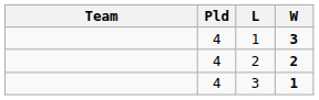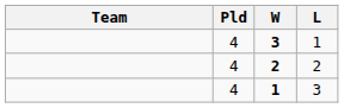 <table class="wikitable" style="text-align:center;">
 <tr>
 <th width=175>Team</th>
 <th style="width:30px;" abbr="Played">Pld</th>
+<th style="width:30px;" abbr="Won">W</th>
 <th style="width:30px;" abbr="Lost">L</th>
-<th style="width:30px;" abbr="Won">W</th>
 </tr>
 <tr style="background:#f9f9f9;">
 <td style="text-align:left;"></td>
 <td>4</td>
+<td><strong>3</strong></td>
 <td>1</td>
-<td><strong>3</strong></td>
 </tr>
 <tr style="background:#f9f9f9;">
 <td style="text-align:left;"></td>
 <td>4</td>
+<td><strong>2</strong></td>
 <td>2</td>
-<td><strong>2</strong></td>
 </tr>
 <tr style="background:#f9f9f9;">
 <td style="text-align:left;"></td>
 <td>4</td>
+<td><strong>1</strong></td>
 <td>3</td>
-<td><strong>1</strong></td>
 </tr>
 </table>
